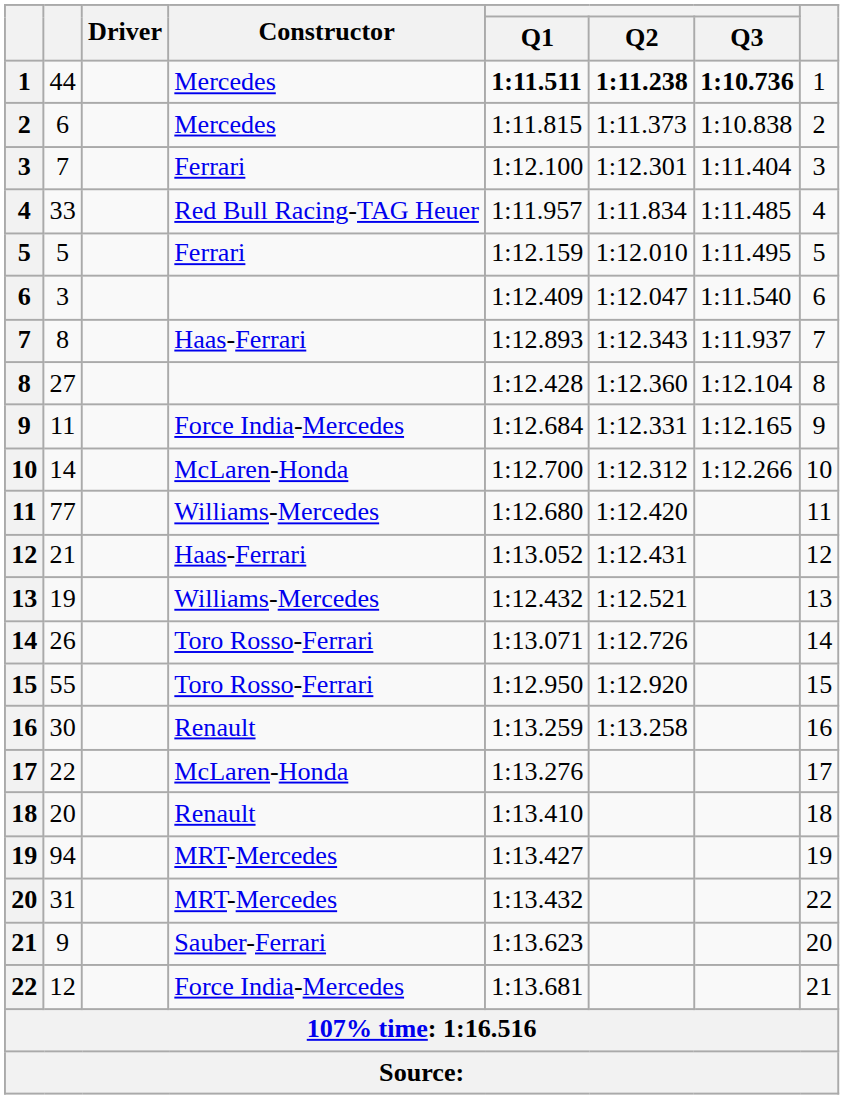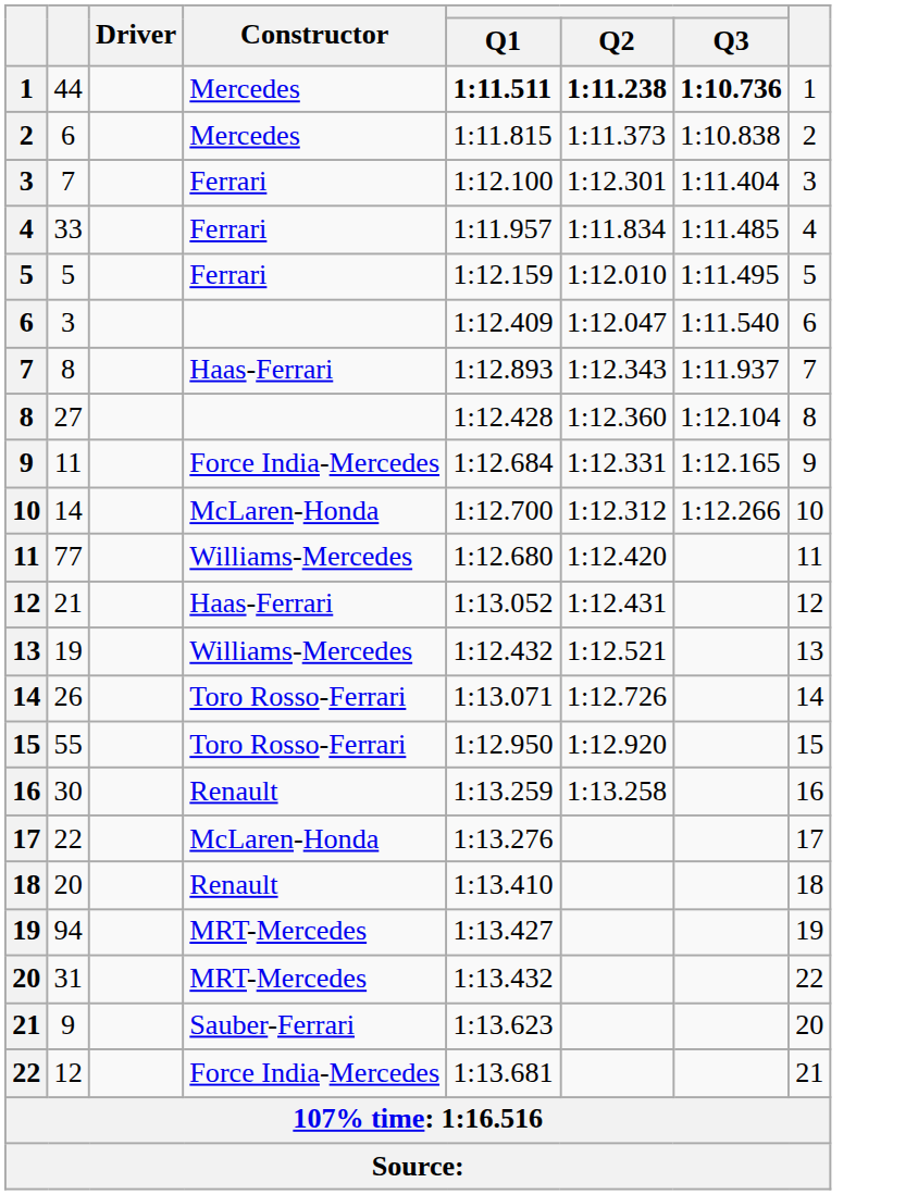 <table class="wikitable sortable" style="font-size: 85%;">
 <tr>
 <th rowspan="2"></th>
 <th rowspan="2"></th>
 <th rowspan="2">Driver</th>
 <th rowspan="2">Constructor</th>
 <th colspan="3"></th>
 <th rowspan="2"></th>
 </tr>
 <tr>
 <th>Q1</th>
 <th>Q2</th>
 <th>Q3</th>
 </tr>
 <tr>
 <th>1</th>
 <td align="center">44</td>
 <td></td>
 <td><a href='#'>Mercedes</a></td>
 <td><strong>1:11.511</strong></td>
 <td><strong>1:11.238</strong></td>
 <td><strong>1:10.736</strong></td>
 <td align="center">1</td>
 </tr>
 <tr>
 <th>2</th>
 <td align="center">6</td>
 <td></td>
 <td><a href='#'>Mercedes</a></td>
 <td>1:11.815</td>
 <td>1:11.373</td>
 <td>1:10.838</td>
 <td align="center">2</td>
 </tr>
 <tr>
 <th>3</th>
 <td align="center">7</td>
 <td></td>
 <td><a href='#'>Ferrari</a></td>
 <td>1:12.100</td>
 <td>1:12.301</td>
 <td>1:11.404</td>
 <td align="center">3</td>
 </tr>
 <tr>
 <th>4</th>
 <td align="center">33</td>
 <td></td>
-<td><a href='#'>Red Bull Racing</a>-<a href='#'>TAG Heuer</a></td>
+<td><a href='#'>Ferrari</a></td>
 <td>1:11.957</td>
 <td>1:11.834</td>
 <td>1:11.485</td>
 <td align="center">4</td>
 </tr>
 <tr>
 <th>5</th>
 <td align="center">5</td>
 <td></td>
 <td><a href='#'>Ferrari</a></td>
 <td>1:12.159</td>
 <td>1:12.010</td>
 <td>1:11.495</td>
 <td align="center">5</td>
 </tr>
 <tr>
 <th>6</th>
 <td align="center">3</td>
 <td></td>
 <td></td>
 <td>1:12.409</td>
 <td>1:12.047</td>
 <td>1:11.540</td>
 <td align="center">6</td>
 </tr>
 <tr>
 <th>7</th>
 <td align="center">8</td>
 <td></td>
 <td><a href='#'>Haas</a>-<a href='#'>Ferrari</a></td>
 <td>1:12.893</td>
 <td>1:12.343</td>
 <td>1:11.937</td>
 <td align="center">7</td>
 </tr>
 <tr>
 <th>8</th>
 <td align="center">27</td>
 <td></td>
 <td></td>
 <td>1:12.428</td>
 <td>1:12.360</td>
 <td>1:12.104</td>
 <td align="center">8</td>
 </tr>
 <tr>
 <th>9</th>
 <td align="center">11</td>
 <td></td>
 <td><a href='#'>Force India</a>-<a href='#'>Mercedes</a></td>
 <td>1:12.684</td>
 <td>1:12.331</td>
 <td>1:12.165</td>
 <td align="center">9</td>
 </tr>
 <tr>
 <th>10</th>
 <td align="center">14</td>
 <td></td>
 <td><a href='#'>McLaren</a>-<a href='#'>Honda</a></td>
 <td>1:12.700</td>
 <td>1:12.312</td>
 <td>1:12.266</td>
 <td align="center">10</td>
 </tr>
 <tr>
 <th>11</th>
 <td align="center">77</td>
 <td></td>
 <td><a href='#'>Williams</a>-<a href='#'>Mercedes</a></td>
 <td>1:12.680</td>
 <td>1:12.420</td>
 <td></td>
 <td align="center">11</td>
 </tr>
 <tr>
 <th>12</th>
 <td align="center">21</td>
 <td></td>
 <td><a href='#'>Haas</a>-<a href='#'>Ferrari</a></td>
 <td>1:13.052</td>
 <td>1:12.431</td>
 <td></td>
 <td align="center">12</td>
 </tr>
 <tr>
 <th>13</th>
 <td align="center">19</td>
 <td></td>
 <td><a href='#'>Williams</a>-<a href='#'>Mercedes</a></td>
 <td>1:12.432</td>
 <td>1:12.521</td>
 <td></td>
 <td align="center">13</td>
 </tr>
 <tr>
 <th>14</th>
 <td align="center">26</td>
 <td></td>
 <td><a href='#'>Toro Rosso</a>-<a href='#'>Ferrari</a></td>
 <td>1:13.071</td>
 <td>1:12.726</td>
 <td></td>
 <td align="center">14</td>
 </tr>
 <tr>
 <th>15</th>
 <td align="center">55</td>
 <td></td>
 <td><a href='#'>Toro Rosso</a>-<a href='#'>Ferrari</a></td>
 <td>1:12.950</td>
 <td>1:12.920</td>
 <td></td>
 <td align="center">15</td>
 </tr>
 <tr>
 <th>16</th>
 <td align="center">30</td>
 <td></td>
 <td><a href='#'>Renault</a></td>
 <td>1:13.259</td>
 <td>1:13.258</td>
 <td></td>
 <td align="center">16</td>
 </tr>
 <tr>
 <th>17</th>
 <td align="center">22</td>
 <td></td>
 <td><a href='#'>McLaren</a>-<a href='#'>Honda</a></td>
 <td>1:13.276</td>
 <td></td>
 <td></td>
 <td align="center">17</td>
 </tr>
 <tr>
 <th>18</th>
 <td align="center">20</td>
 <td style="padding-right:24px"></td>
 <td><a href='#'>Renault</a></td>
 <td>1:13.410</td>
 <td></td>
 <td></td>
 <td align="center">18</td>
 </tr>
 <tr>
 <th>19</th>
 <td align="center">94</td>
 <td></td>
 <td><a href='#'>MRT</a>-<a href='#'>Mercedes</a></td>
 <td>1:13.427</td>
 <td></td>
 <td></td>
 <td align="center">19</td>
 </tr>
 <tr>
 <th>20</th>
 <td align="center">31</td>
 <td></td>
 <td><a href='#'>MRT</a>-<a href='#'>Mercedes</a></td>
 <td>1:13.432</td>
 <td></td>
 <td></td>
 <td align="center">22</td>
 </tr>
 <tr>
 <th>21</th>
 <td align="center">9</td>
 <td></td>
 <td><a href='#'>Sauber</a>-<a href='#'>Ferrari</a></td>
 <td>1:13.623</td>
 <td></td>
 <td></td>
 <td align="center">20</td>
 </tr>
 <tr>
 <th>22</th>
 <td align="center">12</td>
 <td></td>
 <td><a href='#'>Force India</a>-<a href='#'>Mercedes</a></td>
 <td>1:13.681</td>
 <td></td>
 <td></td>
 <td align="center">21</td>
 </tr>
 <tr>
 <th colspan="8"><a href='#'>107% time</a>: 1:16.516</th>
 </tr>
 <tr>
 <th colspan=8>Source:</th>
 </tr>
 </table>
